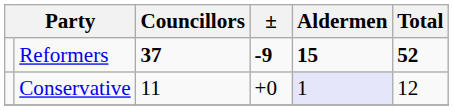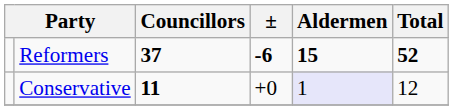 <table class="wikitable">
 <tr>
 <th colspan="2">Party</th>
 <th>Councillors</th>
 <th>  ±  </th>
 <th>Aldermen</th>
 <th>Total</th>
 </tr>
 <tr>
 <td style="background-color: "></td>
 <td><a href='#'>Reformers</a></td>
 <td><strong>37</strong></td>
-<td><strong>-9</strong></td>
+<td><strong>-6</strong></td>
 <td><strong>15</strong></td>
 <td><strong>52</strong></td>
 </tr>
 <tr>
 <td style="background-color: "></td>
 <td><a href='#'>Conservative</a></td>
-<td>11</td>
+<td><strong>11</strong></td>
 <td>+0</td>
 <td style="background: lavender;">1</td>
 <td>12</td>
 </tr>
 <tr>
 </tr>
 </table>
